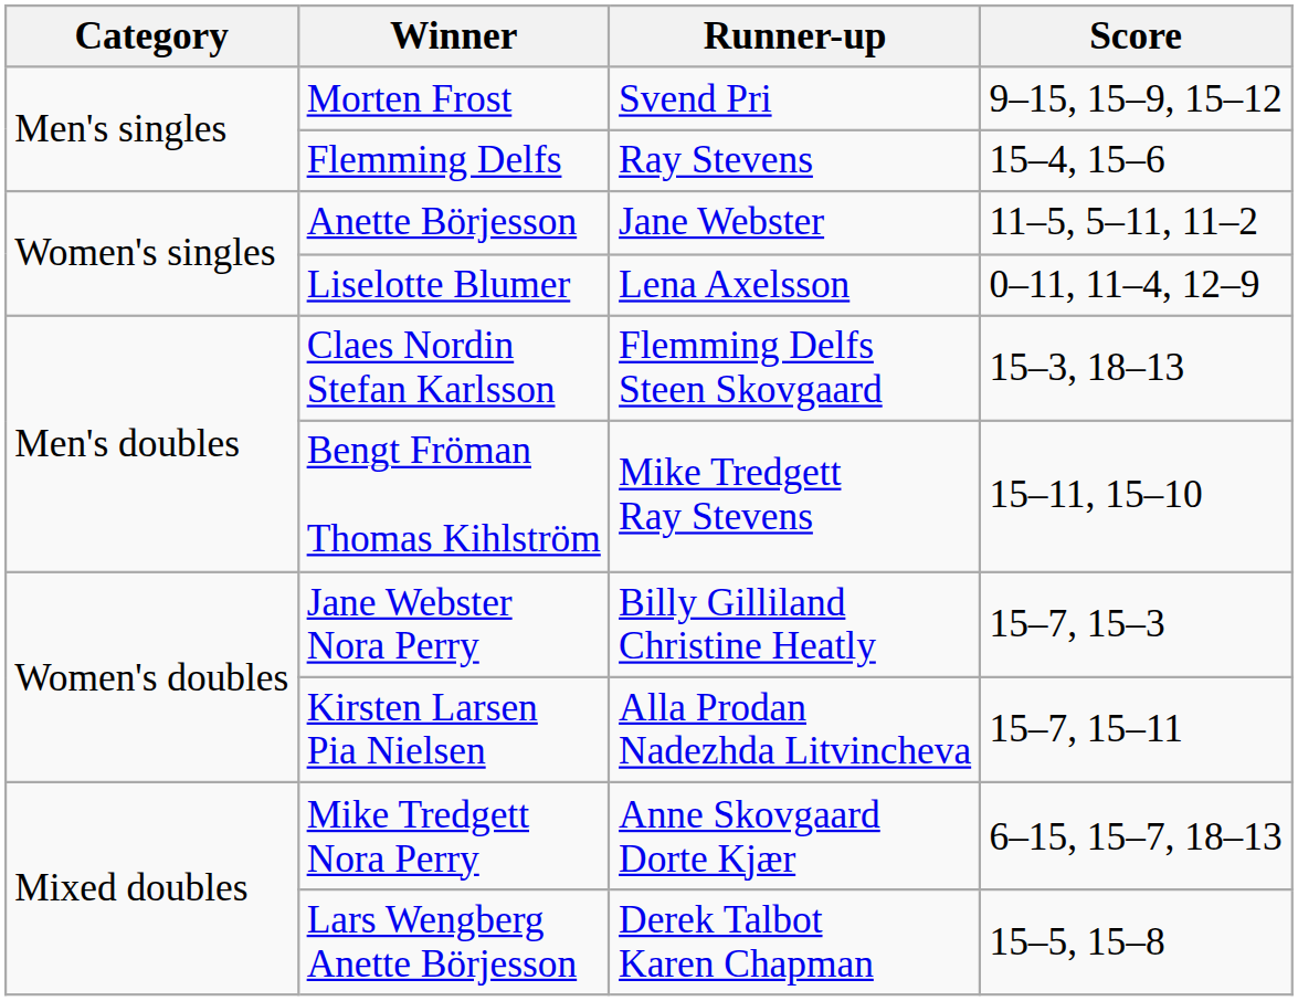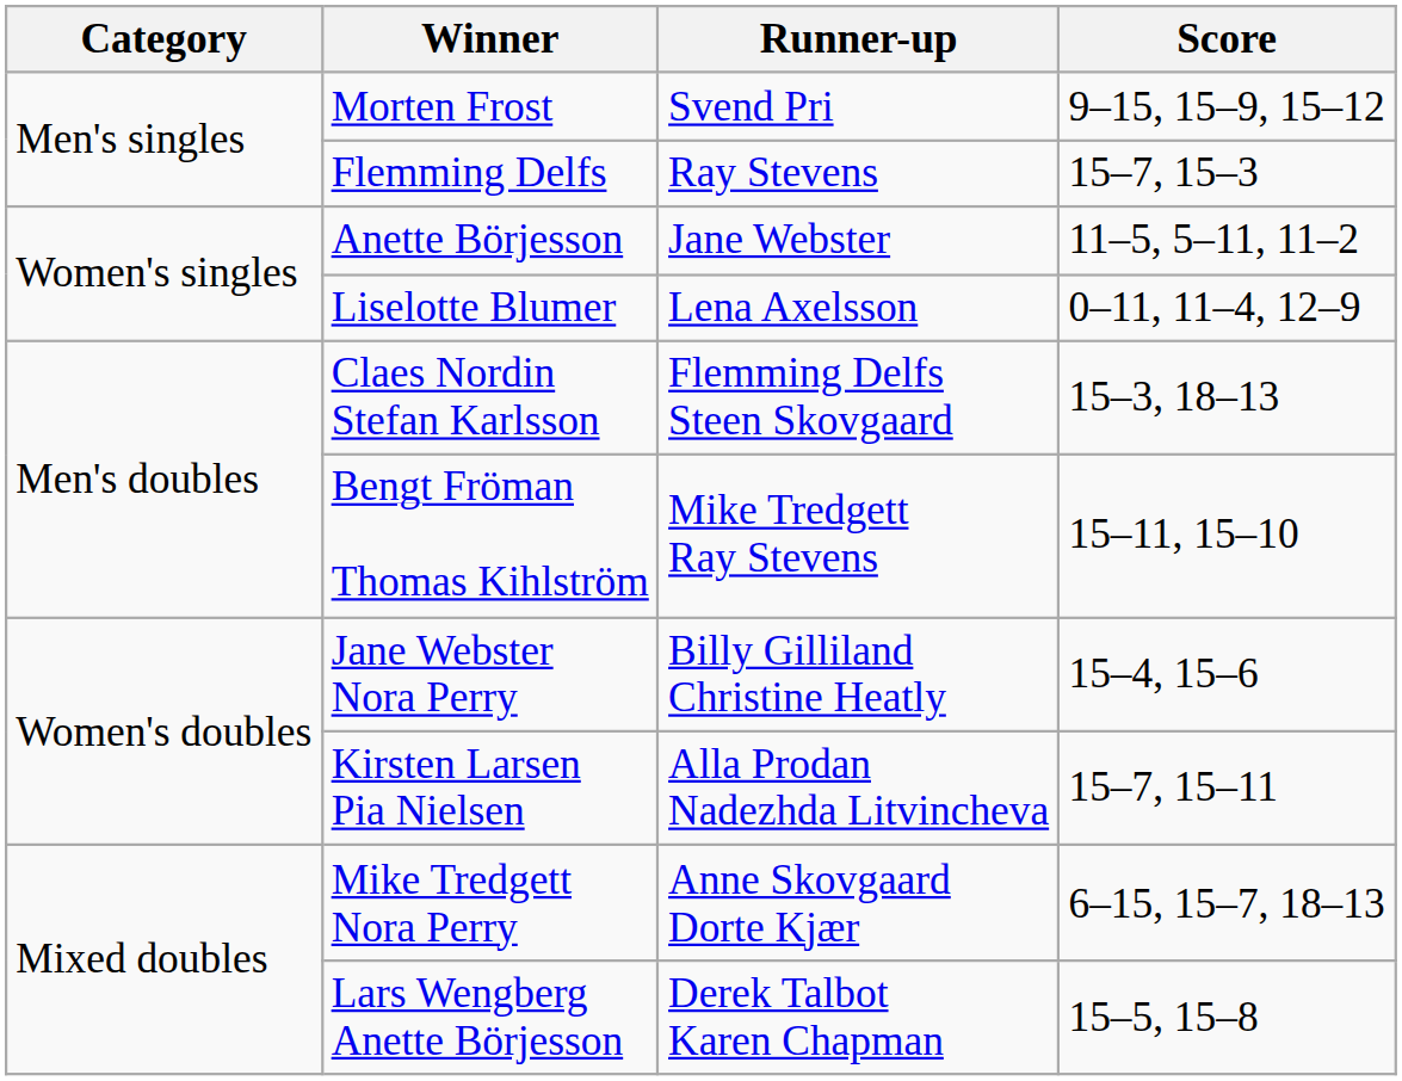 <table class="wikitable">
 <tr>
 <th>Category</th>
 <th>Winner</th>
 <th>Runner-up</th>
 <th>Score</th>
 </tr>
 <tr>
 <td rowspan=2>Men's singles</td>
 <td> <a href='#'>Morten Frost</a></td>
 <td> <a href='#'>Svend Pri</a></td>
 <td>9–15, 15–9, 15–12</td>
 </tr>
 <tr>
 <td> <a href='#'>Flemming Delfs</a></td>
 <td> <a href='#'>Ray Stevens</a></td>
-<td>15–4, 15–6</td>
+<td>15–7, 15–3</td>
 </tr>
 <tr>
 <td rowspan=2>Women's singles</td>
 <td> <a href='#'>Anette Börjesson</a></td>
 <td> <a href='#'>Jane Webster</a></td>
 <td>11–5, 5–11, 11–2</td>
 </tr>
 <tr>
 <td> <a href='#'>Liselotte Blumer</a></td>
 <td> <a href='#'>Lena Axelsson</a></td>
 <td>0–11, 11–4, 12–9</td>
 </tr>
 <tr>
 <td rowspan=2>Men's doubles</td>
 <td> <a href='#'>Claes Nordin</a><br> <a href='#'>Stefan Karlsson</a></td>
 <td> <a href='#'>Flemming Delfs</a><br> <a href='#'>Steen Skovgaard</a></td>
 <td>15–3, 18–13</td>
 </tr>
 <tr>
 <td> <a href='#'>Bengt Fröman</a><br><br> <a href='#'>Thomas Kihlström</a></td>
 <td> <a href='#'>Mike Tredgett</a><br> <a href='#'>Ray Stevens</a></td>
 <td>15–11, 15–10</td>
 </tr>
 <tr>
 <td rowspan=2>Women's doubles</td>
 <td> <a href='#'>Jane Webster</a><br> <a href='#'>Nora Perry</a></td>
 <td> <a href='#'>Billy Gilliland</a><br> <a href='#'>Christine Heatly</a></td>
-<td>15–7, 15–3</td>
+<td>15–4, 15–6</td>
 </tr>
 <tr>
 <td> <a href='#'>Kirsten Larsen</a><br>  <a href='#'>Pia Nielsen</a></td>
 <td> <a href='#'>Alla Prodan</a><br> <a href='#'>Nadezhda Litvincheva</a></td>
 <td>15–7, 15–11</td>
 </tr>
 <tr>
 <td rowspan=2>Mixed doubles</td>
 <td> <a href='#'>Mike Tredgett</a><br> <a href='#'>Nora Perry</a></td>
 <td> <a href='#'>Anne Skovgaard</a><br> <a href='#'>Dorte Kjær</a></td>
 <td>6–15, 15–7, 18–13</td>
 </tr>
 <tr>
 <td> <a href='#'>Lars Wengberg</a><br> <a href='#'>Anette Börjesson</a></td>
 <td> <a href='#'>Derek Talbot</a><br> <a href='#'>Karen Chapman</a></td>
 <td>15–5, 15–8</td>
 </tr>
 </table>
